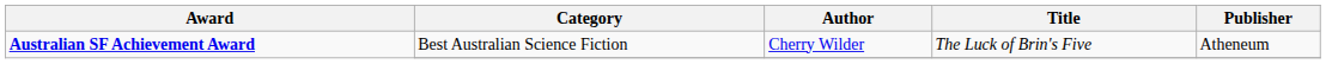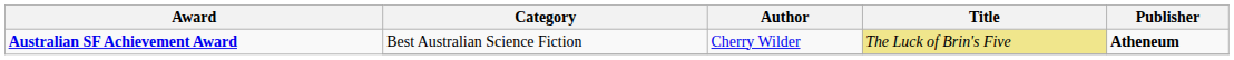 <table class="wikitable" width=100%>
 <tr>
 <th>Award</th>
 <th>Category</th>
 <th>Author</th>
 <th>Title</th>
 <th>Publisher</th>
 </tr>
 <tr>
 <td rowspan=2><strong><a href='#'> Australian SF Achievement Award</a></strong></td>
 <td>Best Australian Science Fiction</td>
 <td><a href='#'>Cherry Wilder</a></td>
-<td><em>The Luck of Brin's Five</em></td>
-<td>Atheneum</td>
+<td style="background: khaki;"><em>The Luck of Brin's Five</em></td>
+<td><strong>Atheneum</strong></td>
 </tr>
 <tr>
 </tr>
 </table>
